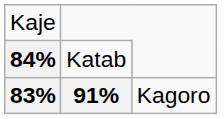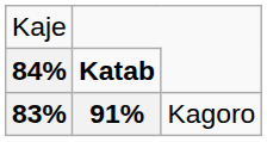 <table class="wikitable">
 <tr>
 <td>Kaje</td>
 </tr>
 <tr>
 <th>84%</th>
-<td>Katab</td>
+<td><strong>Katab</strong></td>
 </tr>
 <tr>
 <th>83%</th>
 <th>91%</th>
 <td>Kagoro</td>
 </tr>
 </table>
